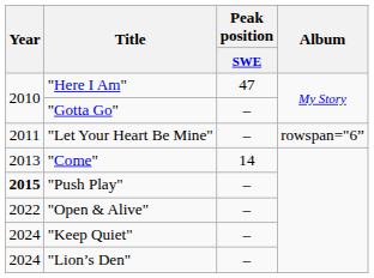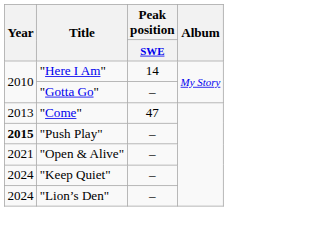 <table class="wikitable" style=text-align:center;>
 <tr>
 <th rowspan="2">Year</th>
 <th rowspan="2">Title</th>
 <th colspan="1">Peak position</th>
 <th rowspan="2">Album</th>
 </tr>
 <tr>
 <th style="text-align:center; width:35px;"><small><a href='#'>SWE</a></small></th>
 </tr>
 <tr>
 <td style="text-align:center;" rowspan="2">2010</td>
 <td align="left">"<a href='#'>Here I Am</a>"</td>
-<td style="text-align:center;">47</td>
+<td style="text-align:center;">14</td>
 <td style="text-align:center;" rowspan="2"><small><em><a href='#'>My Story</a></em></small></td>
 </tr>
 <tr>
 <td align="left">"<a href='#'>Gotta Go</a>"</td>
 <td style="text-align:center;">–</td>
 </tr>
 <tr>
-<td style="text-align:center;">2011</td>
-<td align="left">"Let Your Heart Be Mine"</td>
-<td style="text-align:center;">–</td>
-<td>rowspan="6” </td>
-</tr>
-<tr>
 <td style="text-align:center;">2013</td>
 <td align="left">"<a href='#'>Come</a>"</td>
-<td style="text-align:center;">14</td>
+<td style="text-align:center;">47</td>
 </tr>
 <tr>
 <td style="text-align:center;"><strong>2015</strong></td>
 <td align="left">"Push Play"</td>
 <td style="text-align:center;">–</td>
 </tr>
 <tr>
-<td style="text-align:center;">2022</td>
+<td style="text-align:center;">2021</td>
 <td align="left">"Open & Alive"</td>
 <td style="text-align:center;">–</td>
 </tr>
 <tr>
 <td style="text-align:center;">2024</td>
 <td align="left">"Keep Quiet"</td>
 <td style="text-align:center;">–</td>
 </tr>
 <tr>
 <td style="text-align:center;">2024</td>
 <td align="left">"Lion’s Den"</td>
 <td style="text-align:center;">–</td>
 </tr>
 </table>
